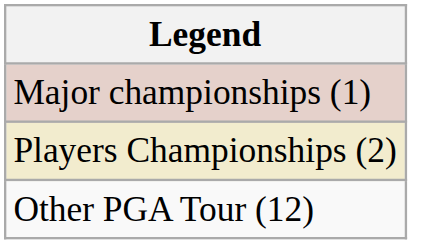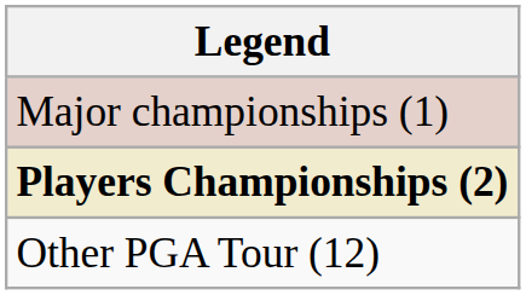 <table class="wikitable" style="font-size:95%;">
 <tr>
 <th>Legend</th>
 </tr>
 <tr style="background:#e5d1cb;">
 <td>Major championships (1)</td>
 </tr>
 <tr style="background:#f2ecce;">
-<td>Players Championships (2)</td>
+<td><strong>Players Championships (2)</strong></td>
 </tr>
 <tr>
 <td>Other PGA Tour (12)</td>
 </tr>
 </table>
